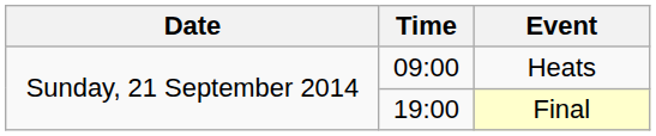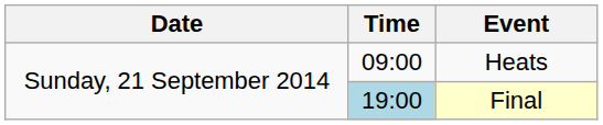 <table class = "wikitable" style="text-align:center;">
 <tr>
 <th width=220>Date</th>
 <th width=50>Time</th>
 <th width=100>Event</th>
 </tr>
 <tr>
 <td rowspan=2>Sunday, 21 September 2014</td>
 <td>09:00</td>
 <td>Heats</td>
 </tr>
 <tr>
-<td>19:00</td>
+<td style="background: lightblue;">19:00</td>
 <td bgcolor=ffffcc>Final</td>
 </tr>
 </table>
